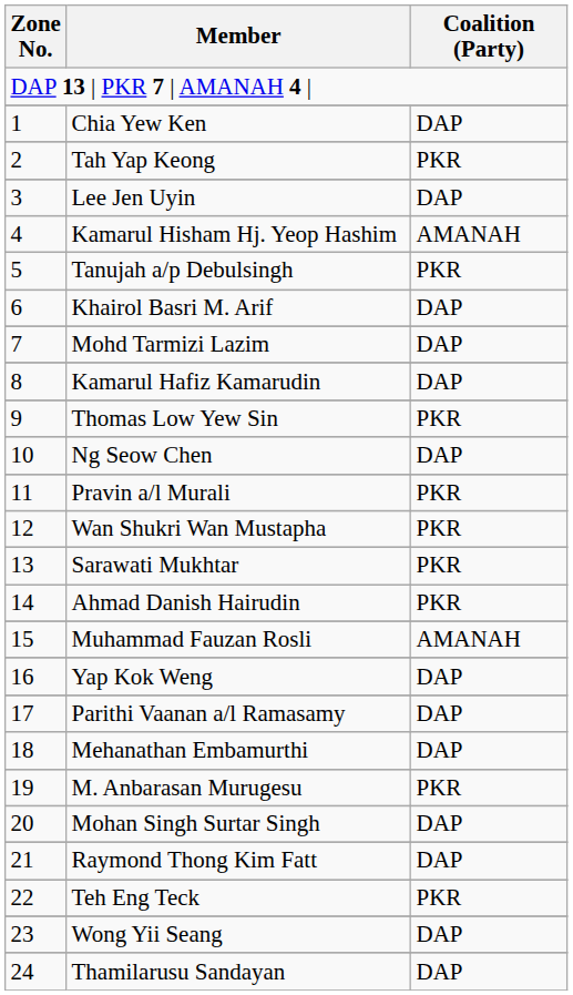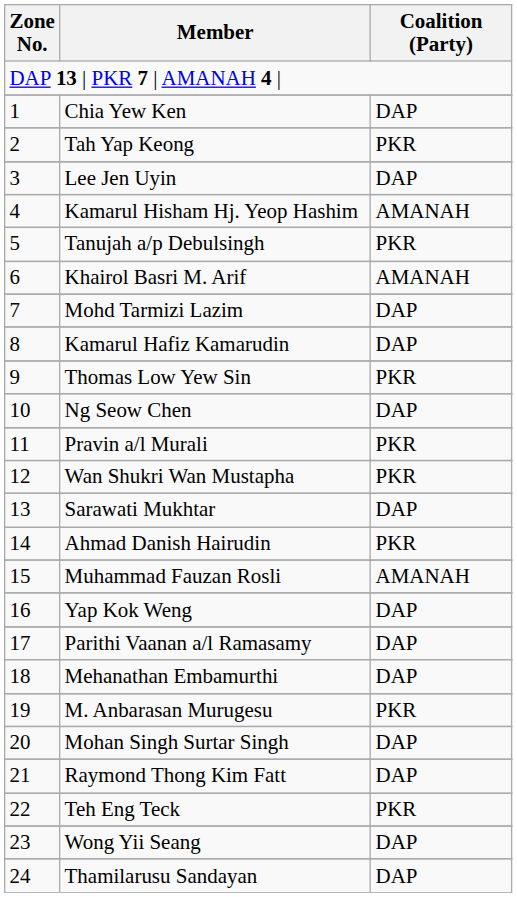 <table class="wikitable sortable">
 <tr>
 <th width="30">Zone No.</th>
 <th width="230">Member</th>
 <th width="100">Coalition (Party)</th>
 </tr>
 <tr>
 <td colspan="3"><a href='#'>DAP</a> <strong>13</strong> | <a href='#'>PKR</a> <strong>7</strong> |  <a href='#'>AMANAH</a> <strong>4</strong> |</td>
 </tr>
 <tr>
 </tr>
 <tr>
 <td>1</td>
 <td>Chia Yew Ken</td>
 <td>DAP</td>
 </tr>
 <tr>
 </tr>
 <tr>
 <td>2</td>
 <td>Tah Yap Keong</td>
 <td>PKR</td>
 </tr>
 <tr>
 </tr>
 <tr>
 <td>3</td>
 <td>Lee Jen Uyin</td>
 <td>DAP</td>
 </tr>
 <tr>
 </tr>
 <tr>
 <td>4</td>
 <td>Kamarul Hisham Hj. Yeop Hashim</td>
 <td>AMANAH</td>
 </tr>
 <tr>
 </tr>
 <tr>
 <td>5</td>
 <td>Tanujah a/p Debulsingh</td>
 <td>PKR</td>
 </tr>
 <tr>
 </tr>
 <tr>
 <td>6</td>
 <td>Khairol Basri M. Arif</td>
-<td>DAP</td>
+<td>AMANAH</td>
 </tr>
 <tr>
 </tr>
 <tr>
 <td>7</td>
 <td>Mohd Tarmizi Lazim</td>
 <td>DAP</td>
 </tr>
 <tr>
 </tr>
 <tr>
 <td>8</td>
 <td>Kamarul Hafiz Kamarudin</td>
 <td>DAP</td>
 </tr>
 <tr>
 </tr>
 <tr>
 <td>9</td>
 <td>Thomas Low Yew Sin</td>
 <td>PKR</td>
 </tr>
 <tr>
 </tr>
 <tr>
 <td>10</td>
 <td>Ng Seow Chen</td>
 <td>DAP</td>
 </tr>
 <tr>
 </tr>
 <tr>
 <td>11</td>
 <td>Pravin a/l Murali</td>
 <td>PKR</td>
 </tr>
 <tr>
 </tr>
 <tr>
 <td>12</td>
 <td>Wan Shukri Wan Mustapha</td>
 <td>PKR</td>
 </tr>
 <tr>
 </tr>
 <tr>
 <td>13</td>
 <td>Sarawati Mukhtar</td>
-<td>PKR</td>
+<td>DAP</td>
 </tr>
 <tr>
 </tr>
 <tr>
 <td>14</td>
 <td>Ahmad Danish Hairudin</td>
 <td>PKR</td>
 </tr>
 <tr>
 </tr>
 <tr>
 <td>15</td>
 <td>Muhammad Fauzan Rosli</td>
 <td>AMANAH</td>
 </tr>
 <tr>
 </tr>
 <tr>
 <td>16</td>
 <td>Yap Kok Weng</td>
 <td>DAP</td>
 </tr>
 <tr>
 </tr>
 <tr>
 <td>17</td>
 <td>Parithi Vaanan a/l Ramasamy</td>
 <td>DAP</td>
 </tr>
 <tr>
 </tr>
 <tr>
 <td>18</td>
 <td>Mehanathan Embamurthi</td>
 <td>DAP</td>
 </tr>
 <tr>
 </tr>
 <tr>
 <td>19</td>
 <td>M. Anbarasan Murugesu</td>
 <td>PKR</td>
 </tr>
 <tr>
 </tr>
 <tr>
 <td>20</td>
 <td>Mohan Singh Surtar Singh</td>
 <td>DAP</td>
 </tr>
 <tr>
 </tr>
 <tr>
 <td>21</td>
 <td>Raymond Thong Kim Fatt</td>
 <td>DAP</td>
 </tr>
 <tr>
 </tr>
 <tr>
 <td>22</td>
 <td>Teh Eng Teck</td>
 <td>PKR</td>
 </tr>
 <tr>
 </tr>
 <tr>
 <td>23</td>
 <td>Wong Yii Seang</td>
 <td>DAP</td>
 </tr>
 <tr>
 </tr>
 <tr>
 <td>24</td>
 <td>Thamilarusu Sandayan</td>
 <td>DAP</td>
 </tr>
 </table>
